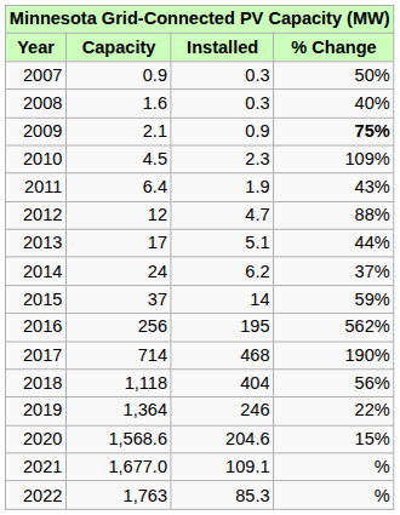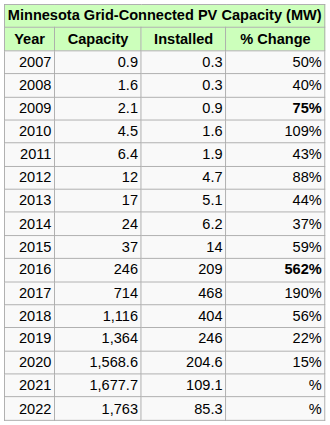 <table class="wikitable" style="text-align:right;">
 <tr>
 <th colspan="4" style="background-color: #cfb;">Minnesota Grid-Connected PV Capacity (MW)<br> </th>
 </tr>
 <tr>
 <th style="background-color: #cfb;">Year</th>
 <th style="background-color: #cfb;">Capacity</th>
 <th style="background-color: #cfb;">Installed</th>
 <th style="background-color: #cfb;">% Change</th>
 </tr>
 <tr>
 <td>2007</td>
 <td>0.9</td>
 <td>0.3</td>
 <td>50%</td>
 </tr>
 <tr>
 <td>2008</td>
 <td>1.6</td>
 <td>0.3</td>
 <td>40%</td>
 </tr>
 <tr>
 <td>2009</td>
 <td>2.1</td>
 <td>0.9</td>
 <td><strong>75%</strong></td>
 </tr>
 <tr>
 <td>2010</td>
 <td>4.5</td>
-<td>2.3</td>
+<td>1.6</td>
 <td>109%</td>
 </tr>
 <tr>
 <td>2011</td>
 <td>6.4</td>
 <td>1.9</td>
 <td>43%</td>
 </tr>
 <tr>
 <td>2012</td>
 <td>12</td>
 <td>4.7</td>
 <td>88%</td>
 </tr>
 <tr>
 <td>2013</td>
 <td>17</td>
 <td>5.1</td>
 <td>44%</td>
 </tr>
 <tr>
 <td>2014</td>
 <td>24</td>
 <td>6.2</td>
 <td>37%</td>
 </tr>
 <tr>
 <td>2015</td>
 <td>37</td>
 <td>14</td>
 <td>59%</td>
 </tr>
 <tr>
 <td>2016</td>
-<td>256</td>
-<td>195</td>
-<td>562%</td>
+<td>246</td>
+<td>209</td>
+<td><strong>562%</strong></td>
 </tr>
 <tr>
 <td>2017</td>
 <td>714</td>
 <td>468</td>
 <td>190%</td>
 </tr>
 <tr>
 <td>2018</td>
-<td>1,118</td>
+<td>1,116</td>
 <td>404</td>
 <td>56%</td>
 </tr>
 <tr>
 <td>2019</td>
 <td>1,364</td>
 <td>246</td>
 <td>22%</td>
 </tr>
 <tr>
 <td>2020</td>
 <td>1,568.6</td>
 <td>204.6</td>
 <td>15%</td>
 </tr>
 <tr>
 <td>2021</td>
-<td>1,677.0</td>
+<td>1,677.7</td>
 <td>109.1</td>
 <td>%</td>
 </tr>
 <tr>
 <td>2022</td>
 <td>1,763</td>
 <td>85.3</td>
 <td>%</td>
 </tr>
 </table>
